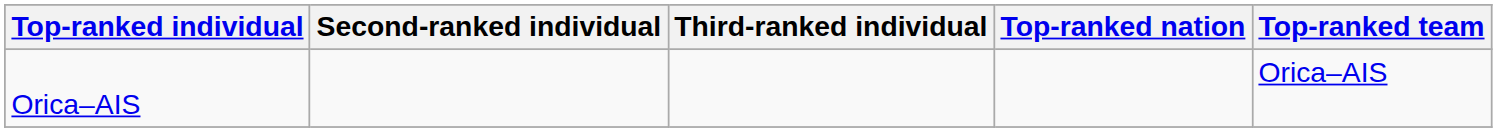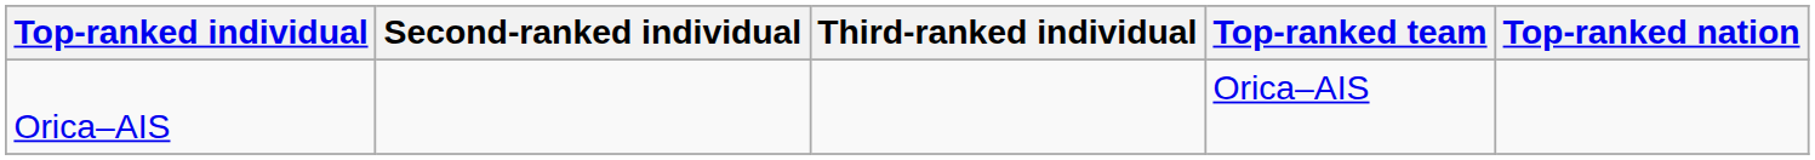 <table class="wikitable">
 <tr>
 <th><a href='#'>Top-ranked individual</a></th>
 <th>Second-ranked individual</th>
 <th>Third-ranked individual</th>
+<th><a href='#'>Top-ranked team</a></th>
 <th><a href='#'>Top-ranked nation</a></th>
-<th><a href='#'>Top-ranked team</a></th>
 </tr>
 <tr valign="top">
 <td align=left><br><span><a href='#'>Orica–AIS</a></span></td>
 <td align=left><br><span></span></td>
 <td align=left><br><span></span></td>
+<td><a href='#'>Orica–AIS</a></td>
 <td></td>
-<td><a href='#'>Orica–AIS</a></td>
 </tr>
 </table>
